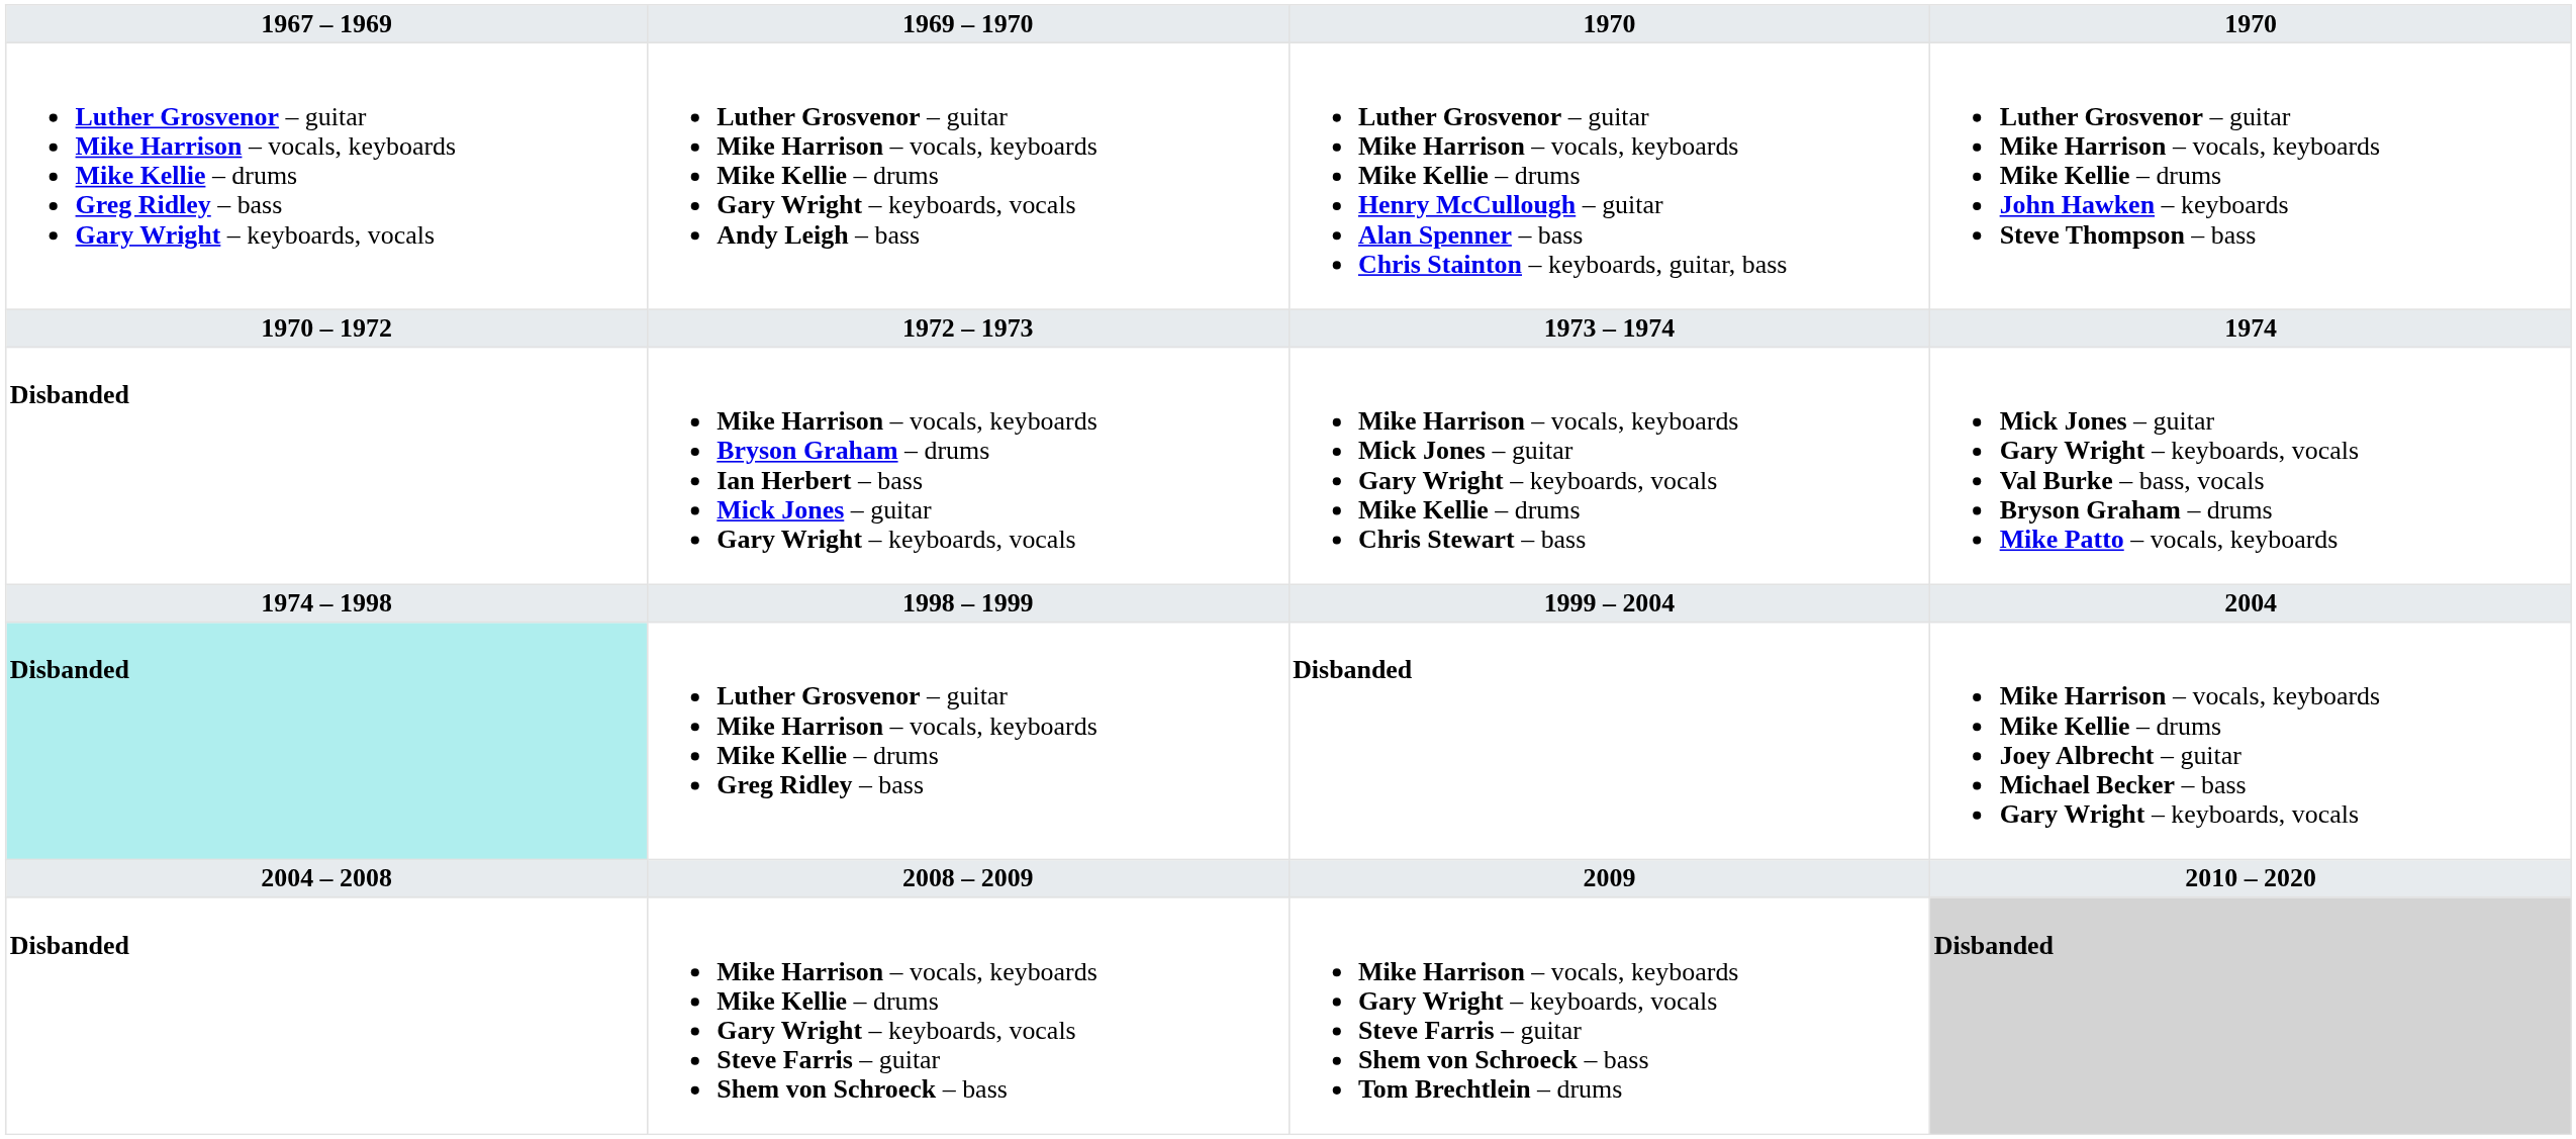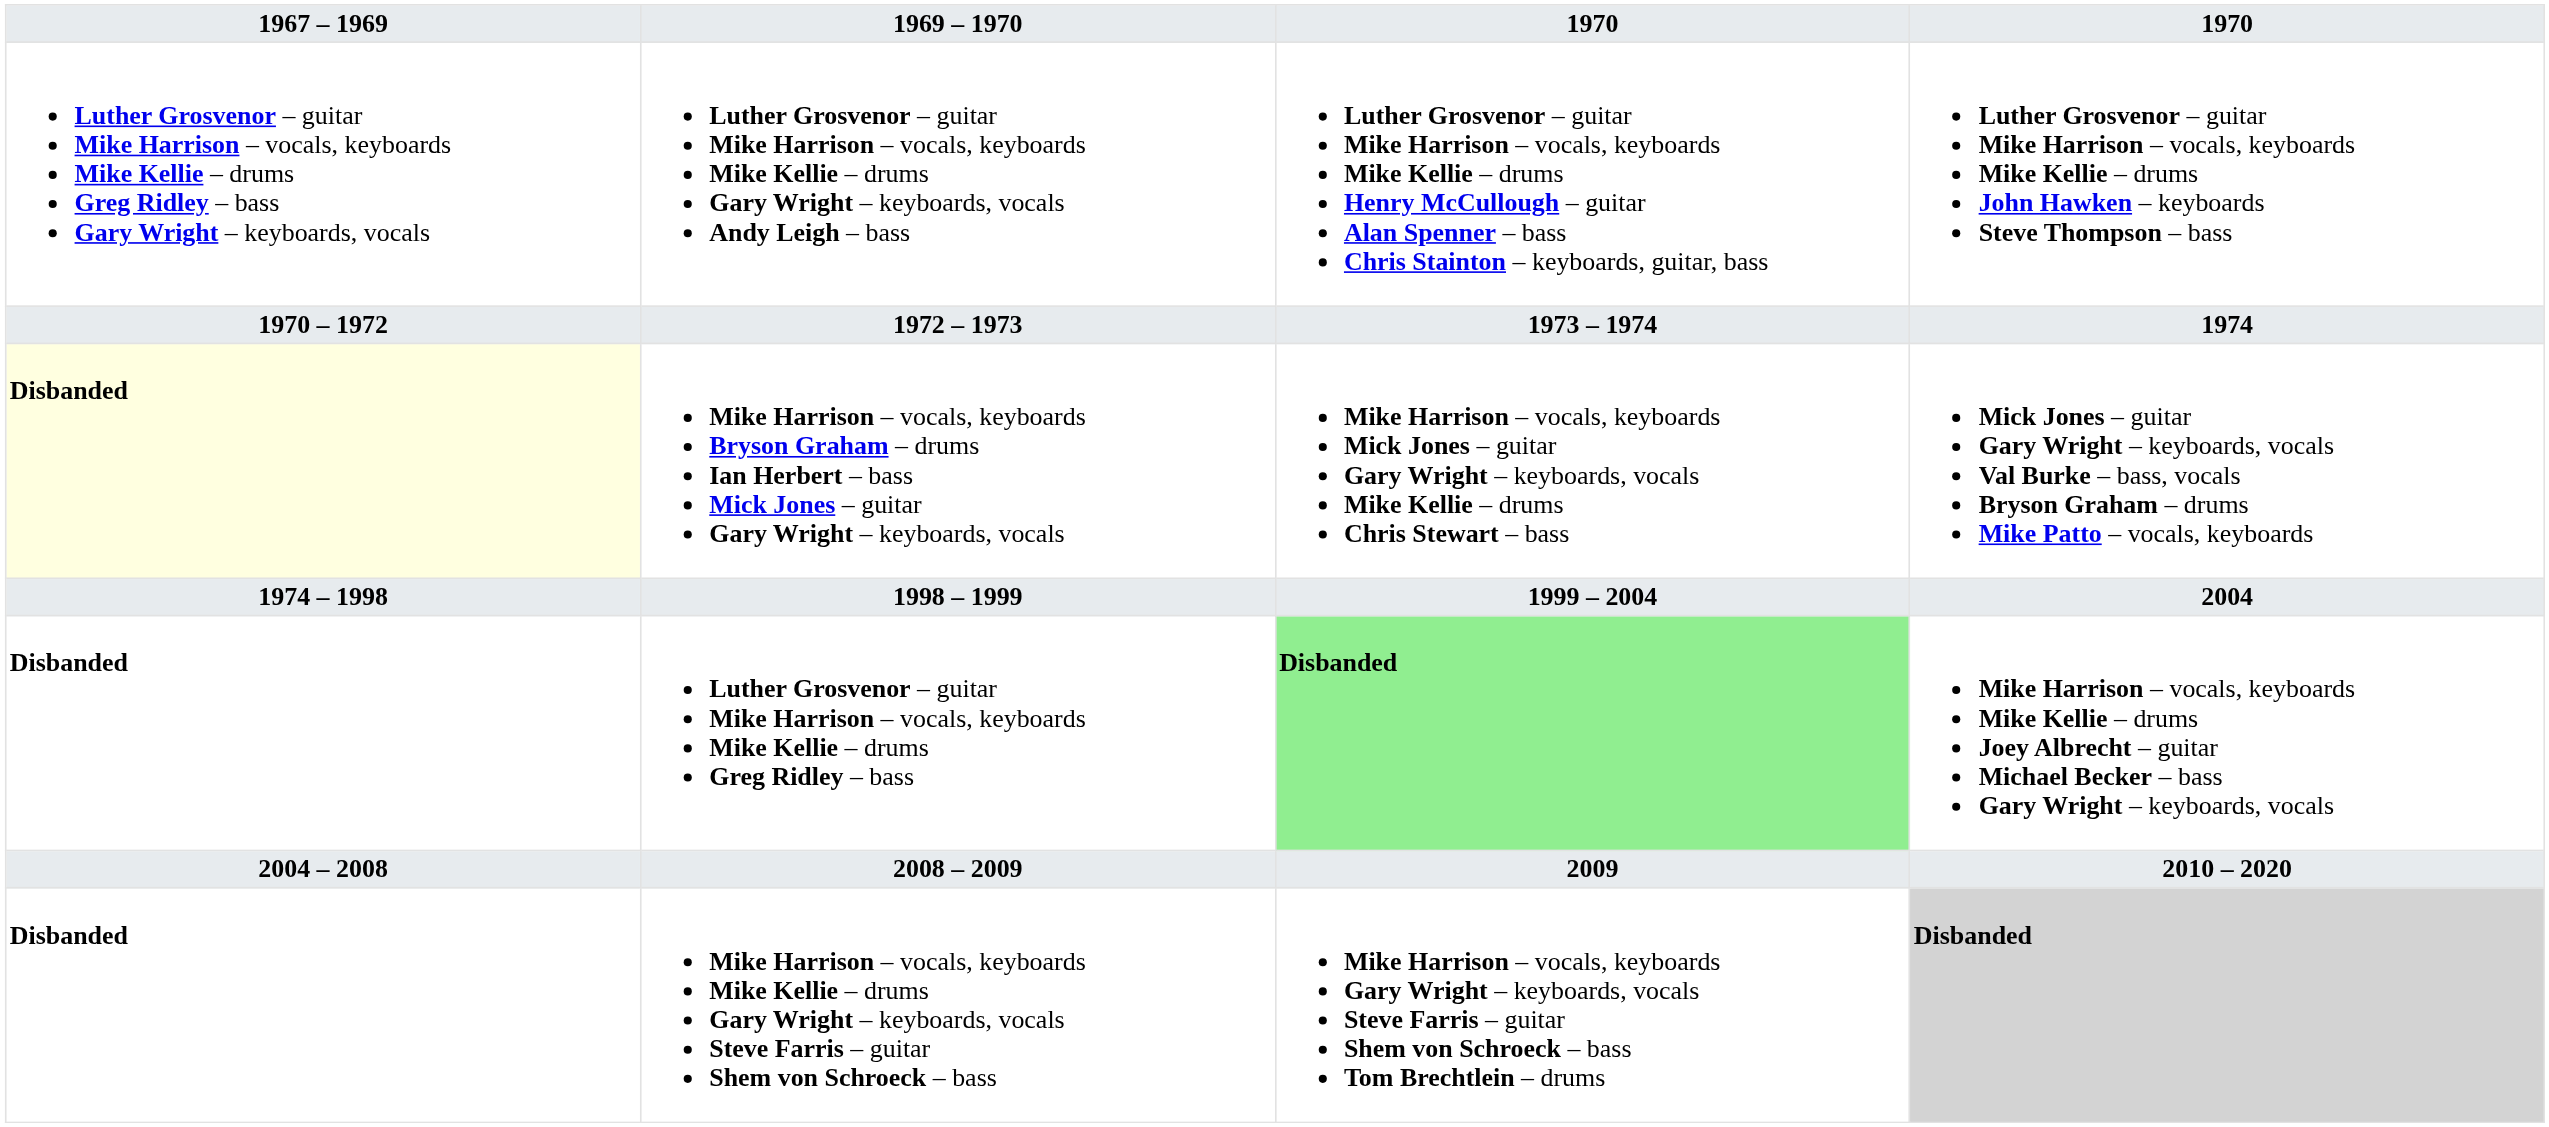 <table class="toccolours" border=1 cellpadding=2 cellspacing=0 style="float: width: 375px; margin: 0 0 1em 1em; border-collapse: collapse; border: 1px solid #E2E2E2;" width=99%>
 <tr>
 <th bgcolor="#E7EBEE" valign=top width=25%>1967 – 1969</th>
 <th bgcolor="#E7EBEE" valign=top width=25%>1969 – 1970</th>
 <th bgcolor="#E7EBEE" valign=top width=25%>1970</th>
 <th bgcolor="#E7EBEE" valign=top width=25%>1970</th>
 </tr>
 <tr>
 <td valign=top><br><ul><li><strong><a href='#'>Luther Grosvenor</a></strong> – guitar</li><li><strong><a href='#'>Mike Harrison</a></strong> – vocals, keyboards</li><li><strong><a href='#'>Mike Kellie</a></strong> – drums</li><li><strong><a href='#'>Greg Ridley</a></strong> – bass</li><li><strong><a href='#'>Gary Wright</a></strong> – keyboards, vocals</li></ul></td>
 <td valign=top><br><ul><li><strong>Luther Grosvenor</strong> – guitar</li><li><strong>Mike Harrison</strong> – vocals, keyboards</li><li><strong>Mike Kellie</strong> – drums</li><li><strong>Gary Wright</strong> – keyboards, vocals</li><li><strong>Andy Leigh</strong> – bass</li></ul></td>
 <td valign=top><br><ul><li><strong>Luther Grosvenor</strong> – guitar</li><li><strong>Mike Harrison</strong> – vocals, keyboards</li><li><strong>Mike Kellie</strong> – drums</li><li><strong><a href='#'>Henry McCullough</a></strong> – guitar</li><li><strong><a href='#'>Alan Spenner</a></strong> – bass</li><li><strong><a href='#'>Chris Stainton</a></strong> – keyboards, guitar, bass</li></ul></td>
 <td valign=top><br><ul><li><strong>Luther Grosvenor</strong> – guitar</li><li><strong>Mike Harrison</strong> – vocals, keyboards</li><li><strong>Mike Kellie</strong> – drums</li><li><strong><a href='#'>John Hawken</a></strong> – keyboards</li><li><strong>Steve Thompson</strong> – bass</li></ul></td>
 </tr>
 <tr>
 <th bgcolor="#E7EBEE" valign=top width=25%>1970 – 1972</th>
 <th bgcolor="#E7EBEE" valign=top width=25%>1972 – 1973</th>
 <th bgcolor="#E7EBEE" valign=top width=25%>1973 – 1974</th>
 <th bgcolor="#E7EBEE" valign=top width=25%>1974</th>
 </tr>
 <tr>
-<td valign=top><br><strong>Disbanded</strong></td>
+<td valign=top style="background: lightyellow;"><br><strong>Disbanded</strong></td>
 <td valign=top><br><ul><li><strong>Mike Harrison</strong> – vocals, keyboards</li><li><strong><a href='#'>Bryson Graham</a></strong> – drums</li><li><strong>Ian Herbert</strong> – bass</li><li><strong><a href='#'>Mick Jones</a></strong> – guitar</li><li><strong>Gary Wright</strong> – keyboards, vocals</li></ul></td>
 <td valign=top><br><ul><li><strong>Mike Harrison</strong> – vocals, keyboards</li><li><strong>Mick Jones</strong> – guitar</li><li><strong>Gary Wright</strong> – keyboards, vocals</li><li><strong>Mike Kellie</strong> – drums</li><li><strong>Chris Stewart</strong> – bass</li></ul></td>
 <td valign=top><br><ul><li><strong>Mick Jones</strong> – guitar</li><li><strong>Gary Wright</strong> – keyboards, vocals</li><li><strong>Val Burke</strong> – bass, vocals</li><li><strong>Bryson Graham</strong> – drums</li><li><strong><a href='#'>Mike Patto</a></strong> – vocals, keyboards</li></ul></td>
 </tr>
 <tr>
 <th bgcolor="#E7EBEE" valign=top width=25%>1974 – 1998</th>
 <th bgcolor="#E7EBEE" valign=top width=25%>1998 – 1999</th>
 <th bgcolor="#E7EBEE" valign=top width=25%>1999 – 2004</th>
 <th bgcolor="#E7EBEE" valign=top width=25%>2004</th>
 </tr>
 <tr>
-<td valign=top style="background: paleturquoise;"><br><strong>Disbanded</strong></td>
+<td valign=top><br><strong>Disbanded</strong></td>
 <td valign=top><br><ul><li><strong>Luther Grosvenor</strong> – guitar</li><li><strong>Mike Harrison</strong> – vocals, keyboards</li><li><strong>Mike Kellie</strong> – drums</li><li><strong>Greg Ridley</strong> – bass</li></ul></td>
-<td valign=top><br><strong>Disbanded</strong></td>
+<td valign=top style="background: lightgreen;"><br><strong>Disbanded</strong></td>
 <td valign=top><br><ul><li><strong>Mike Harrison</strong> – vocals, keyboards</li><li><strong>Mike Kellie</strong> – drums</li><li><strong>Joey Albrecht</strong> – guitar</li><li><strong>Michael Becker</strong> – bass</li><li><strong>Gary Wright</strong> – keyboards, vocals</li></ul></td>
 </tr>
 <tr>
 <th bgcolor="#E7EBEE" valign=top width=25%>2004 – 2008</th>
 <th bgcolor="#E7EBEE" valign=top width=25%>2008 – 2009</th>
 <th bgcolor="#E7EBEE" valign=top width=25%>2009</th>
 <th bgcolor="#E7EBEE" valign=top width=25%>2010 – 2020</th>
 </tr>
 <tr>
 <td valign=top><br><strong>Disbanded</strong></td>
 <td valign=top><br><ul><li><strong>Mike Harrison</strong> – vocals, keyboards</li><li><strong>Mike Kellie</strong> – drums</li><li><strong>Gary Wright</strong> – keyboards, vocals</li><li><strong>Steve Farris</strong> – guitar</li><li><strong>Shem von Schroeck</strong> – bass</li></ul></td>
 <td valign=top><br><ul><li><strong>Mike Harrison</strong> – vocals, keyboards</li><li><strong>Gary Wright</strong> – keyboards, vocals</li><li><strong>Steve Farris</strong> – guitar</li><li><strong>Shem von Schroeck</strong> – bass</li><li><strong>Tom Brechtlein</strong> – drums</li></ul></td>
 <td valign=top style="background: lightgrey;"><br><strong>Disbanded</strong></td>
 </tr>
 <tr>
 </tr>
 </table>
